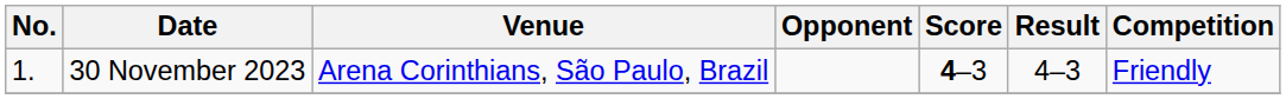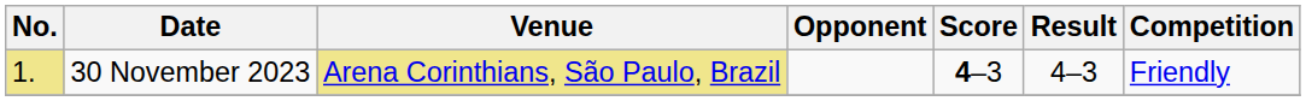 <table class="wikitable">
 <tr>
 <th>No.</th>
 <th>Date</th>
 <th>Venue</th>
 <th>Opponent</th>
 <th>Score</th>
 <th>Result</th>
 <th>Competition</th>
 </tr>
 <tr>
-<td>1.</td>
+<td style="background: khaki;">1.</td>
 <td>30 November 2023</td>
-<td><a href='#'>Arena Corinthians</a>, <a href='#'>São Paulo</a>, <a href='#'>Brazil</a></td>
+<td style="background: khaki;"><a href='#'>Arena Corinthians</a>, <a href='#'>São Paulo</a>, <a href='#'>Brazil</a></td>
 <td></td>
 <td align=center><strong>4</strong>–3</td>
 <td align=center>4–3</td>
 <td><a href='#'>Friendly</a></td>
 </tr>
 <tr>
 </tr>
 </table>
